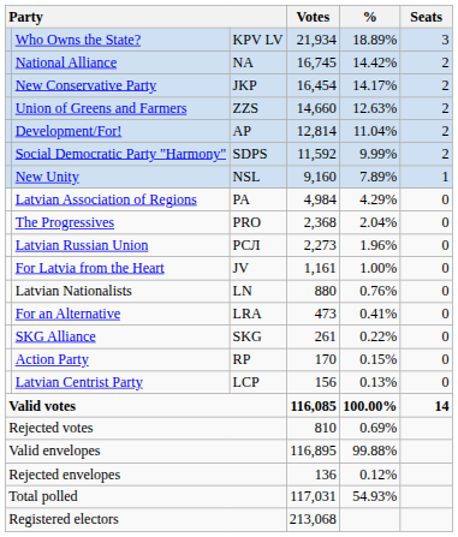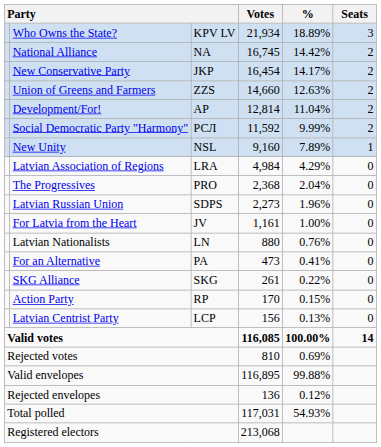 <table class="wikitable" border="1" style="text-align:right;">
 <tr>
 <th style="text-align:left;" colspan=3>Party</th>
 <th align=center width="50">Votes</th>
 <th align=center width="50">%</th>
 <th align=center width="50">Seats</th>
 </tr>
 <tr style="background:#CEE0F2;">
 <td></td>
 <td align=left><a href='#'>Who Owns the State?</a></td>
 <td align=left>KPV LV</td>
 <td>21,934</td>
 <td>18.89%</td>
 <td>3</td>
 </tr>
 <tr style="background:#CEE0F2;">
 <td></td>
 <td align=left><a href='#'>National Alliance</a></td>
 <td align=left>NA</td>
 <td>16,745</td>
 <td>14.42%</td>
 <td>2</td>
 </tr>
 <tr style="background:#CEE0F2;">
 <td></td>
 <td align=left><a href='#'>New Conservative Party</a></td>
 <td align=left>JKP</td>
 <td>16,454</td>
 <td>14.17%</td>
 <td>2</td>
 </tr>
 <tr style="background:#CEE0F2;">
 <td></td>
 <td align=left><a href='#'>Union of Greens and Farmers</a></td>
 <td align=left>ZZS</td>
 <td>14,660</td>
 <td>12.63%</td>
 <td>2</td>
 </tr>
 <tr style="background:#CEE0F2;">
 <td></td>
 <td align=left><a href='#'>Development/For!</a></td>
 <td align=left>AP</td>
 <td>12,814</td>
 <td>11.04%</td>
 <td>2</td>
 </tr>
 <tr style="background:#CEE0F2;">
 <td></td>
 <td align=left style="white-space: nowrap;"><a href='#'>Social Democratic Party "Harmony"</a></td>
-<td align=left>SDPS</td>
+<td align=left>РСЛ</td>
 <td>11,592</td>
 <td>9.99%</td>
 <td>2</td>
 </tr>
 <tr style="background:#CEE0F2;">
 <td></td>
 <td align=left><a href='#'>New Unity</a></td>
 <td align=left>NSL</td>
 <td>9,160</td>
 <td>7.89%</td>
 <td>1</td>
 </tr>
 <tr>
 <td></td>
 <td align=left><a href='#'>Latvian Association of Regions</a></td>
-<td align=left>PA</td>
+<td align=left>LRA</td>
 <td>4,984</td>
 <td>4.29%</td>
 <td>0</td>
 </tr>
 <tr>
 <td></td>
 <td align=left><a href='#'>The Progressives</a></td>
 <td align=left>PRO</td>
 <td>2,368</td>
 <td>2.04%</td>
 <td>0</td>
 </tr>
 <tr>
 <td></td>
 <td align=left><a href='#'>Latvian Russian Union</a></td>
-<td align=left>РСЛ</td>
+<td align=left>SDPS</td>
 <td>2,273</td>
 <td>1.96%</td>
 <td>0</td>
 </tr>
 <tr>
 <td></td>
 <td align=left><a href='#'>For Latvia from the Heart</a></td>
 <td align=left>JV</td>
 <td>1,161</td>
 <td>1.00%</td>
 <td>0</td>
 </tr>
 <tr>
 <td></td>
 <td align=left>Latvian Nationalists</td>
 <td align=left>LN</td>
 <td>880</td>
 <td>0.76%</td>
 <td>0</td>
 </tr>
 <tr>
 <td></td>
 <td align=left><a href='#'>For an Alternative</a></td>
-<td align=left>LRA</td>
+<td align=left>PA</td>
 <td>473</td>
 <td>0.41%</td>
 <td>0</td>
 </tr>
 <tr>
 <td></td>
 <td align=left><a href='#'>SKG Alliance</a></td>
 <td align=left>SKG</td>
 <td>261</td>
 <td>0.22%</td>
 <td>0</td>
 </tr>
 <tr>
 <td></td>
 <td align=left><a href='#'>Action Party</a></td>
 <td align=left>RP</td>
 <td>170</td>
 <td>0.15%</td>
 <td>0</td>
 </tr>
 <tr>
 <td></td>
 <td align=left><a href='#'>Latvian Centrist Party</a></td>
 <td align=left>LCP</td>
 <td>156</td>
 <td>0.13%</td>
 <td>0</td>
 </tr>
 <tr style="font-weight:bold">
 <td align=left colspan=3>Valid votes</td>
 <td>116,085</td>
 <td>100.00%</td>
 <td>14</td>
 </tr>
 <tr>
 <td align=left colspan=3>Rejected votes</td>
 <td>810</td>
 <td>0.69%</td>
 <td></td>
 </tr>
 <tr>
 <td align=left colspan=3>Valid envelopes</td>
 <td>116,895</td>
 <td>99.88%</td>
 <td></td>
 </tr>
 <tr>
 <td align=left colspan=3>Rejected envelopes</td>
 <td>136</td>
 <td>0.12%</td>
 <td></td>
 </tr>
 <tr>
 <td align=left colspan=3>Total polled</td>
 <td>117,031</td>
 <td>54.93%</td>
 <td></td>
 </tr>
 <tr>
 <td align=left colspan=3>Registered electors</td>
 <td>213,068</td>
 <td></td>
 <td></td>
 </tr>
 </table>
